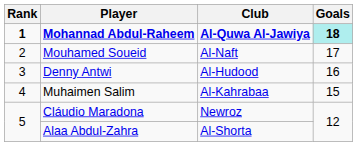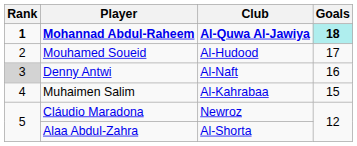 <table class="wikitable" style="text-align:center">
 <tr>
 <th>Rank</th>
 <th>Player</th>
 <th>Club</th>
 <th>Goals</th>
 </tr>
 <tr>
 <td rowspan=1><strong>1</strong></td>
 <td align="left"> <strong><a href='#'>Mohannad Abdul-Raheem</a></strong></td>
 <td align="left"><strong><a href='#'>Al-Quwa Al-Jawiya</a></strong></td>
 <td rowspan=1 style="background: paleturquoise;"><strong>18</strong></td>
 </tr>
 <tr>
 <td rowspan=1>2</td>
 <td align="left"> <a href='#'>Mouhamed Soueid</a></td>
-<td align="left"><a href='#'>Al-Naft</a></td>
+<td align="left"><a href='#'>Al-Hudood</a></td>
 <td rowspan=1>17</td>
 </tr>
 <tr>
-<td rowspan=1>3</td>
+<td rowspan=1 style="background: lightgrey;">3</td>
 <td align="left"> <a href='#'>Denny Antwi</a></td>
-<td align="left"><a href='#'>Al-Hudood</a></td>
+<td align="left"><a href='#'>Al-Naft</a></td>
 <td rowspan=1>16</td>
 </tr>
 <tr>
 <td rowspan=1>4</td>
 <td align="left"> Muhaimen Salim</td>
 <td align="left"><a href='#'>Al-Kahrabaa</a></td>
 <td rowspan=1>15</td>
 </tr>
 <tr>
 <td rowspan=2>5</td>
 <td align="left"> <a href='#'>Cláudio Maradona</a></td>
 <td align="left"><a href='#'>Newroz</a></td>
 <td rowspan=2>12</td>
 </tr>
 <tr>
 <td align="left"> <a href='#'>Alaa Abdul-Zahra</a></td>
 <td align="left"><a href='#'>Al-Shorta</a></td>
 </tr>
 </table>
